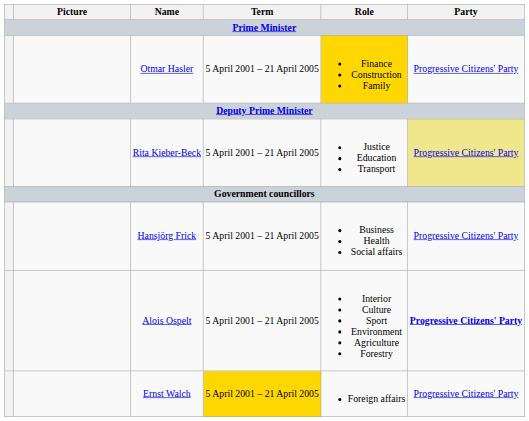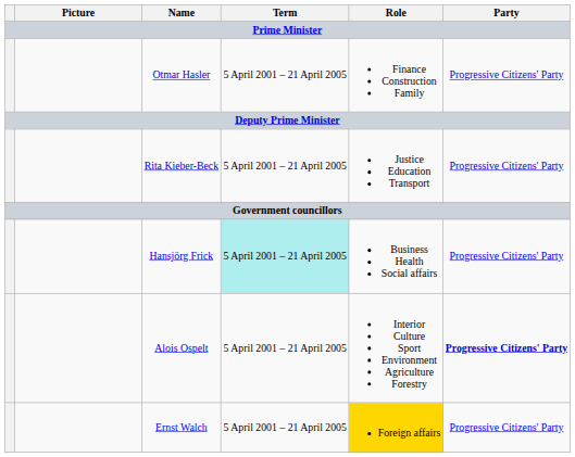 <table class="wikitable" style="text-align:center">
 <tr>
 <th style="width: 0.5em"></th>
 <th style="width: 11.5em">Picture</th>
 <th>Name</th>
 <th>Term</th>
 <th>Role</th>
 <th>Party</th>
 </tr>
 <tr>
 <th colspan="7" style="background:#CCD2D9"><a href='#'>Prime Minister</a></th>
 </tr>
 <tr>
 <th style="background:"></th>
 <td></td>
 <td><a href='#'>Otmar Hasler</a></td>
 <td style="text-align:left">5 April 2001 – 21 April 2005</td>
-<td style="background: gold;"><br><ul><li>Finance</li><li>Construction</li><li>Family</li></ul></td>
+<td><br><ul><li>Finance</li><li>Construction</li><li>Family</li></ul></td>
 <td><a href='#'>Progressive Citizens' Party</a></td>
 </tr>
 <tr>
 <th colspan="7" style="background:#CCD2D9"><a href='#'>Deputy Prime Minister</a></th>
 </tr>
 <tr>
 <th style="background:"></th>
 <td></td>
 <td><a href='#'>Rita Kieber-Beck</a></td>
 <td style="text-align:left">5 April 2001 – 21 April 2005</td>
 <td><br><ul><li>Justice</li><li>Education</li><li>Transport</li></ul></td>
-<td style="background: khaki;"><a href='#'>Progressive Citizens' Party</a></td>
+<td><a href='#'>Progressive Citizens' Party</a></td>
 </tr>
 <tr>
 <th colspan="7" style="background:#CCD2D9">Government councillors</th>
 </tr>
 <tr>
 <th style="background:"></th>
 <td></td>
 <td><a href='#'>Hansjörg Frick</a></td>
-<td style="text-align:left">5 April 2001 – 21 April 2005</td>
+<td style="background: paleturquoise; text-align:left">5 April 2001 – 21 April 2005</td>
 <td><br><ul><li>Business</li><li>Health</li><li>Social affairs</li></ul></td>
 <td><a href='#'>Progressive Citizens' Party</a></td>
 </tr>
 <tr>
 <th style="background:"></th>
 <td></td>
 <td><a href='#'>Alois Ospelt</a></td>
 <td>5 April 2001 – 21 April 2005</td>
 <td><br><ul><li>Interior</li><li>Culture</li><li>Sport</li><li>Environment</li><li>Agriculture</li><li>Forestry</li></ul></td>
 <td><strong><a href='#'>Progressive Citizens' Party</a></strong></td>
 </tr>
 <tr>
 <th style="background:"></th>
 <td></td>
 <td><a href='#'>Ernst Walch</a></td>
-<td style="background: gold;">5 April 2001 – 21 April 2005</td>
-<td><br><ul><li>Foreign affairs</li></ul></td>
+<td>5 April 2001 – 21 April 2005</td>
+<td style="background: gold;"><br><ul><li>Foreign affairs</li></ul></td>
 <td><a href='#'>Progressive Citizens' Party</a></td>
 </tr>
 </table>
